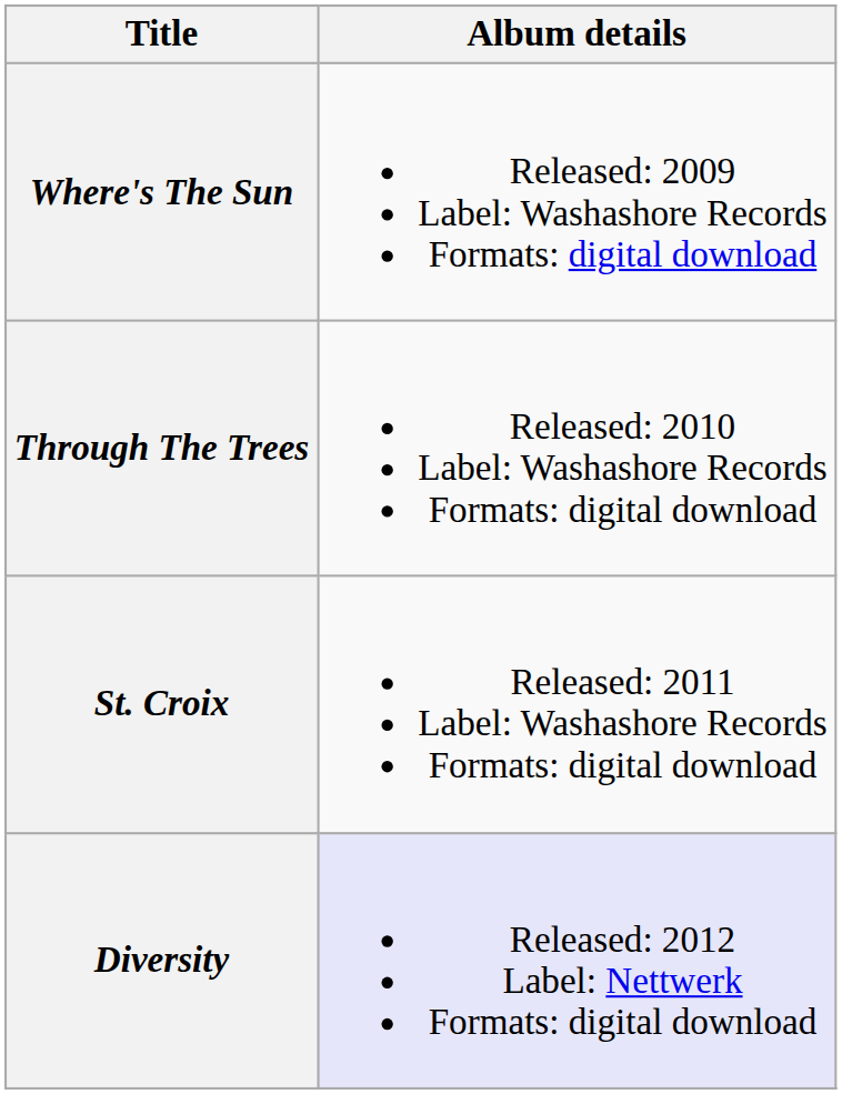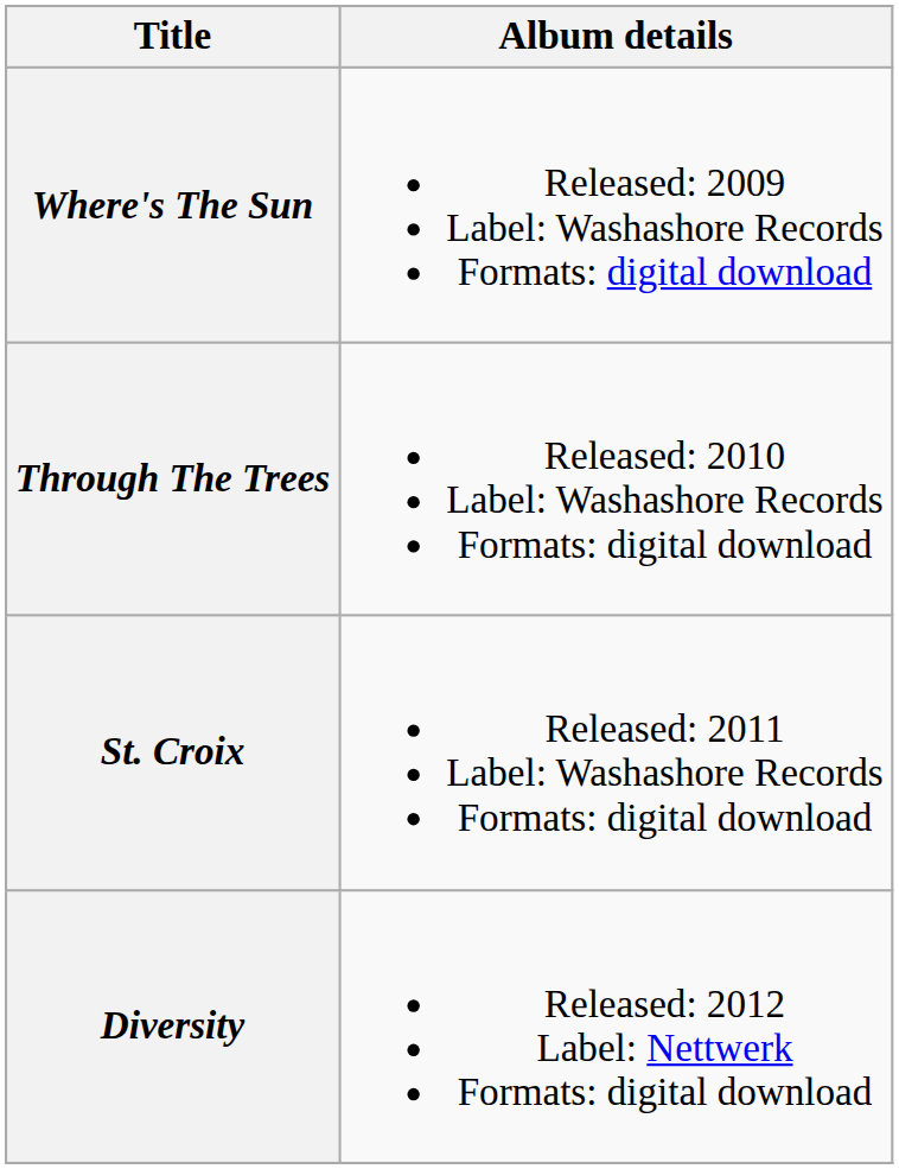 <table class="wikitable plainrowheaders" style="text-align:center;">
 <tr>
 <th scope="col" rowspan="1">Title</th>
 <th scope="col" rowspan="1">Album details</th>
 </tr>
 <tr>
 <th scope="row"><em>Where's The Sun</em></th>
 <td><br><ul><li>Released: 2009</li><li>Label: Washashore Records</li><li>Formats: <a href='#'>digital download</a></li></ul></td>
 </tr>
 <tr>
 <th scope="row"><em>Through The Trees</em></th>
 <td><br><ul><li>Released: 2010</li><li>Label: Washashore Records</li><li>Formats: digital download</li></ul></td>
 </tr>
 <tr>
 <th scope="row"><em>St. Croix</em></th>
 <td><br><ul><li>Released: 2011</li><li>Label: Washashore Records</li><li>Formats: digital download</li></ul></td>
 </tr>
 <tr>
 <th scope="row"><em>Diversity</em></th>
-<td style="background: lavender;"><br><ul><li>Released: 2012</li><li>Label: <a href='#'>Nettwerk</a></li><li>Formats: digital download</li></ul></td>
+<td><br><ul><li>Released: 2012</li><li>Label: <a href='#'>Nettwerk</a></li><li>Formats: digital download</li></ul></td>
 </tr>
 <tr>
 </tr>
 </table>
